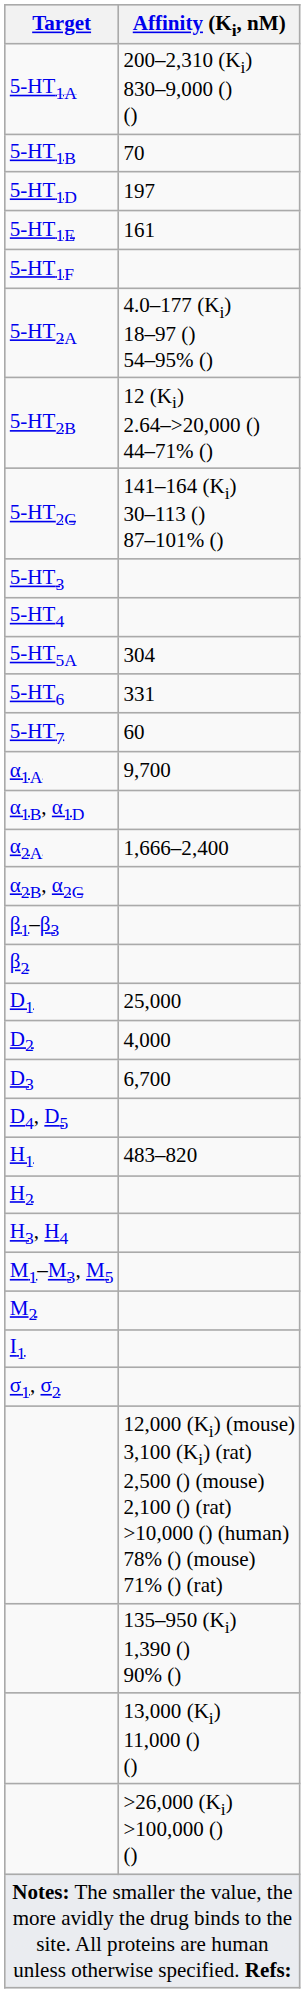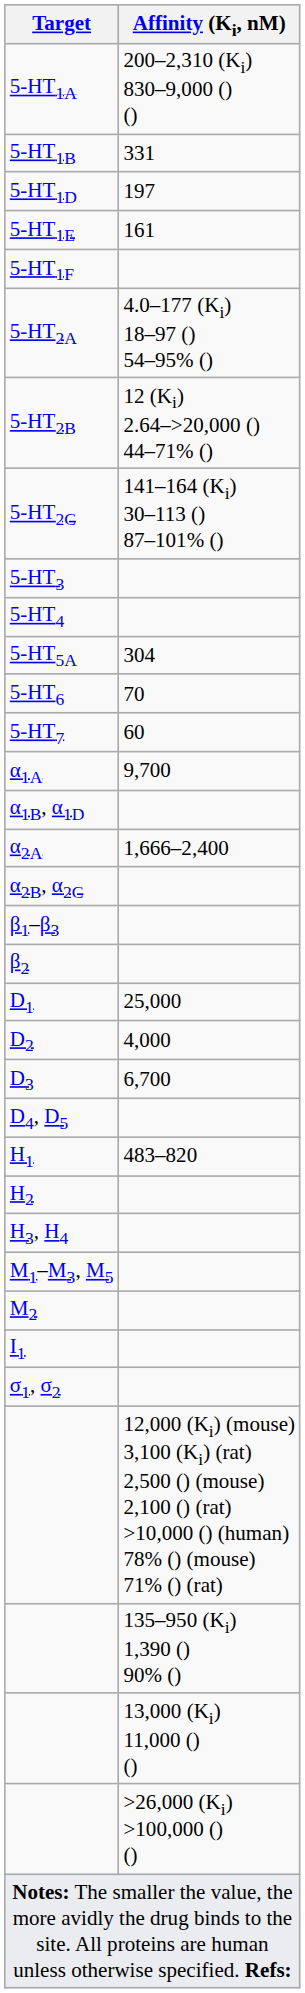 <table class="wikitable floatleft" style="font-size:small;">
 <tr>
 <th><a href='#'>Target</a></th>
 <th><a href='#'>Affinity</a> (K<sub>i</sub>, nM)</th>
 </tr>
 <tr>
 <td><a href='#'>5-HT<sub>1A</sub></a></td>
 <td>200–2,310 (K<sub>i</sub>)<br>830–9,000 ()<br> ()</td>
 </tr>
 <tr>
 <td><a href='#'>5-HT<sub>1B</sub></a></td>
-<td>70</td>
+<td>331</td>
 </tr>
 <tr>
 <td><a href='#'>5-HT<sub>1D</sub></a></td>
 <td>197</td>
 </tr>
 <tr>
 <td><a href='#'>5-HT<sub>1E</sub></a></td>
 <td>161</td>
 </tr>
 <tr>
 <td><a href='#'>5-HT<sub>1F</sub></a></td>
 <td></td>
 </tr>
 <tr>
 <td><a href='#'>5-HT<sub>2A</sub></a></td>
 <td>4.0–177 (K<sub>i</sub>)<br>18–97 ()<br>54–95% ()</td>
 </tr>
 <tr>
 <td><a href='#'>5-HT<sub>2B</sub></a></td>
 <td>12 (K<sub>i</sub>)<br>2.64–>20,000 ()<br>44–71% ()</td>
 </tr>
 <tr>
 <td><a href='#'>5-HT<sub>2C</sub></a></td>
 <td>141–164 (K<sub>i</sub>)<br>30–113 ()<br>87–101% ()</td>
 </tr>
 <tr>
 <td><a href='#'>5-HT<sub>3</sub></a></td>
 <td></td>
 </tr>
 <tr>
 <td><a href='#'>5-HT<sub>4</sub></a></td>
 <td></td>
 </tr>
 <tr>
 <td><a href='#'>5-HT<sub>5A</sub></a></td>
 <td>304</td>
 </tr>
 <tr>
 <td><a href='#'>5-HT<sub>6</sub></a></td>
-<td>331</td>
+<td>70</td>
 </tr>
 <tr>
 <td><a href='#'>5-HT<sub>7</sub></a></td>
 <td>60</td>
 </tr>
 <tr>
 <td><a href='#'>α<sub>1A</sub></a></td>
 <td>9,700</td>
 </tr>
 <tr>
 <td><a href='#'>α<sub>1B</sub></a>, <a href='#'>α<sub>1D</sub></a></td>
 <td></td>
 </tr>
 <tr>
 <td><a href='#'>α<sub>2A</sub></a></td>
 <td>1,666–2,400</td>
 </tr>
 <tr>
 <td><a href='#'>α<sub>2B</sub></a>, <a href='#'>α<sub>2C</sub></a></td>
 <td></td>
 </tr>
 <tr>
 <td><a href='#'>β<sub>1</sub></a>–<a href='#'>β<sub>3</sub></a></td>
 <td></td>
 </tr>
 <tr>
 <td><a href='#'>β<sub>2</sub></a></td>
 <td></td>
 </tr>
 <tr>
 <td><a href='#'>D<sub>1</sub></a></td>
 <td>25,000</td>
 </tr>
 <tr>
 <td><a href='#'>D<sub>2</sub></a></td>
 <td>4,000</td>
 </tr>
 <tr>
 <td><a href='#'>D<sub>3</sub></a></td>
 <td>6,700</td>
 </tr>
 <tr>
 <td><a href='#'>D<sub>4</sub></a>, <a href='#'>D<sub>5</sub></a></td>
 <td></td>
 </tr>
 <tr>
 <td><a href='#'>H<sub>1</sub></a></td>
 <td>483–820</td>
 </tr>
 <tr>
 <td><a href='#'>H<sub>2</sub></a></td>
 <td></td>
 </tr>
 <tr>
 <td><a href='#'>H<sub>3</sub></a>, <a href='#'>H<sub>4</sub></a></td>
 <td></td>
 </tr>
 <tr>
 <td><a href='#'>M<sub>1</sub></a>–<a href='#'>M<sub>3</sub></a>, <a href='#'>M<sub>5</sub></a></td>
 <td></td>
 </tr>
 <tr>
 <td><a href='#'>M<sub>2</sub></a></td>
 <td></td>
 </tr>
 <tr>
 <td><a href='#'>I<sub>1</sub></a></td>
 <td></td>
 </tr>
 <tr>
 <td><a href='#'>σ<sub>1</sub></a>, <a href='#'>σ<sub>2</sub></a></td>
 <td></td>
 </tr>
 <tr>
 <td></td>
 <td>12,000 (K<sub>i</sub>) (mouse)<br>3,100 (K<sub>i</sub>) (rat)<br>2,500 () (mouse)<br>2,100 () (rat)<br>>10,000 () (human)<br>78% () (mouse)<br>71% () (rat)</td>
 </tr>
 <tr>
 <td></td>
 <td>135–950 (K<sub>i</sub>)<br>1,390 ()<br>90% ()</td>
 </tr>
 <tr>
 <td></td>
 <td>13,000 (K<sub>i</sub>)<br>11,000 ()<br> ()</td>
 </tr>
 <tr>
 <td></td>
 <td>>26,000 (K<sub>i</sub>)<br>>100,000 ()<br> ()</td>
 </tr>
 <tr class="sortbottom">
 <td colspan="2" style="width: 1px; background-color:#eaecf0; text-align: center;"><strong>Notes:</strong> The smaller the value, the more avidly the drug binds to the site. All proteins are human unless otherwise specified. <strong>Refs:</strong> </td>
 </tr>
 </table>
